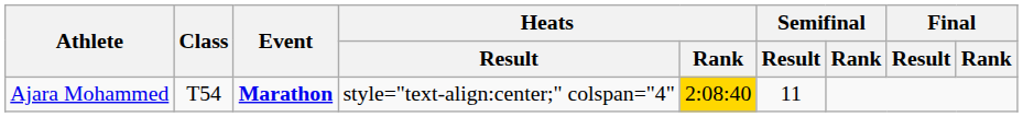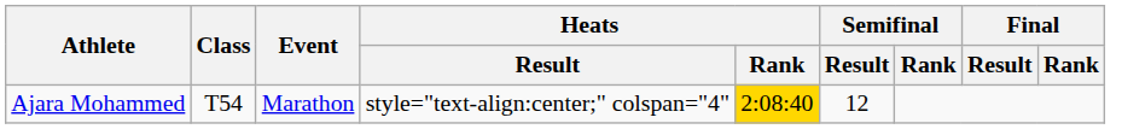 <table class=wikitable style="font-size:90%">
 <tr>
 <th rowspan="2">Athlete</th>
 <th rowspan="2">Class</th>
 <th rowspan="2">Event</th>
 <th colspan="2">Heats</th>
 <th colspan="2">Semifinal</th>
 <th colspan="2">Final</th>
 </tr>
 <tr>
 <th>Result</th>
 <th>Rank</th>
 <th>Result</th>
 <th>Rank</th>
 <th>Result</th>
 <th>Rank</th>
 </tr>
 <tr>
 <td><a href='#'>Ajara Mohammed</a></td>
 <td style="text-align:center;">T54</td>
-<td><strong><a href='#'>Marathon</a></strong></td>
+<td><a href='#'>Marathon</a></td>
 <td>style="text-align:center;" colspan="4" </td>
 <td style="background: gold; text-align:center;">2:08:40</td>
-<td style="text-align:center;">11</td>
+<td style="text-align:center;">12</td>
 </tr>
 </table>
